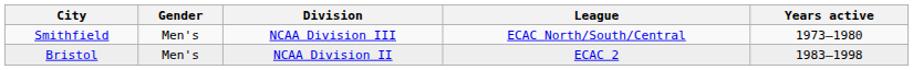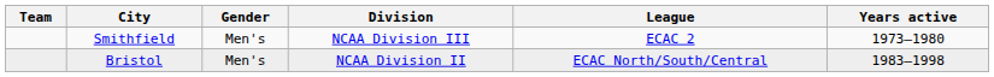 <table class="wikitable sortable" width="60%">
 <tr>
+<th>Team</th>
 <th>City</th>
 <th>Gender</th>
 <th>Division</th>
 <th>League</th>
 <th>Years active</th>
 </tr>
 <tr align=center>
+<td><strong><a href='#'></a></strong></td>
 <td><a href='#'>Smithfield</a></td>
 <td>Men's</td>
 <td><a href='#'>NCAA Division III</a></td>
-<td><a href='#'>ECAC North/South/Central</a></td>
+<td><a href='#'>ECAC 2</a></td>
 <td>1973–1980</td>
 </tr>
 <tr align=center bgcolor=eeeeee>
+<td><strong><a href='#'></a></strong></td>
 <td><a href='#'>Bristol</a></td>
 <td>Men's</td>
 <td><a href='#'>NCAA Division II</a></td>
-<td><a href='#'>ECAC 2</a></td>
+<td><a href='#'>ECAC North/South/Central</a></td>
 <td>1983–1998</td>
 </tr>
 </table>
